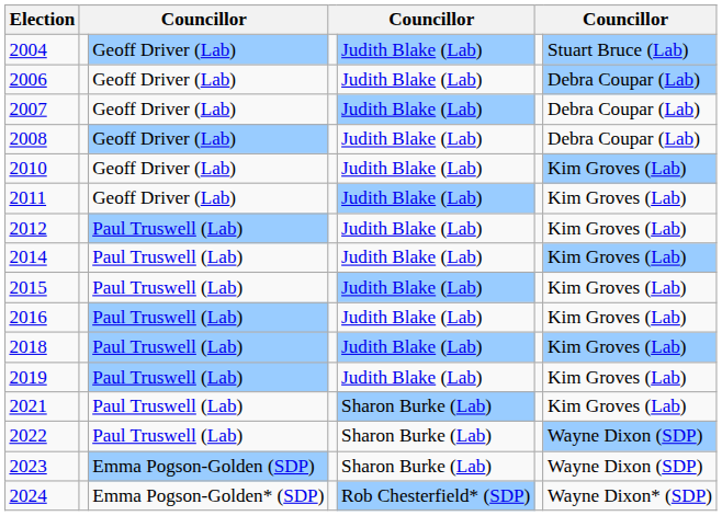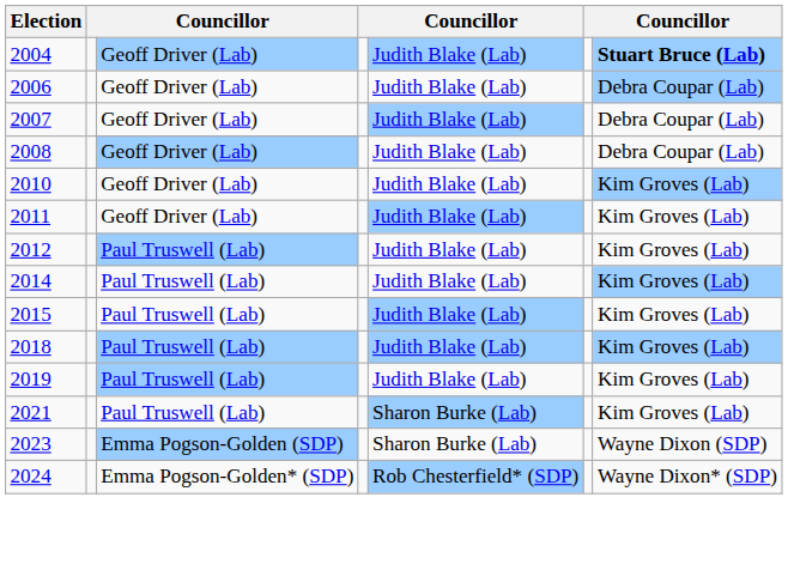 <table class="wikitable">
 <tr>
 <th>Election</th>
 <th colspan="2">Councillor</th>
 <th colspan="2">Councillor</th>
 <th colspan="2">Councillor</th>
 </tr>
 <tr>
 <td><a href='#'>2004</a></td>
 <td style="background-color: "></td>
 <td bgcolor="#99CCFF">Geoff Driver (<a href='#'>Lab</a>)</td>
 <td style="background-color: "></td>
 <td bgcolor="#99CCFF"><a href='#'>Judith Blake</a> (<a href='#'>Lab</a>)</td>
 <td style="background-color: "></td>
-<td bgcolor="#99CCFF">Stuart Bruce (<a href='#'>Lab</a>)</td>
+<td bgcolor="#99CCFF"><strong>Stuart Bruce (<a href='#'>Lab</a>)</strong></td>
 </tr>
 <tr>
 <td><a href='#'>2006</a></td>
 <td style="background-color: "></td>
 <td>Geoff Driver (<a href='#'>Lab</a>)</td>
 <td style="background-color: "></td>
 <td><a href='#'>Judith Blake</a> (<a href='#'>Lab</a>)</td>
 <td style="background-color: "></td>
 <td bgcolor="#99CCFF">Debra Coupar (<a href='#'>Lab</a>)</td>
 </tr>
 <tr>
 <td><a href='#'>2007</a></td>
 <td style="background-color: "></td>
 <td>Geoff Driver (<a href='#'>Lab</a>)</td>
 <td style="background-color: "></td>
 <td bgcolor="#99CCFF"><a href='#'>Judith Blake</a> (<a href='#'>Lab</a>)</td>
 <td style="background-color: "></td>
 <td>Debra Coupar (<a href='#'>Lab</a>)</td>
 </tr>
 <tr>
 <td><a href='#'>2008</a></td>
 <td style="background-color: "></td>
 <td bgcolor="#99CCFF">Geoff Driver (<a href='#'>Lab</a>)</td>
 <td style="background-color: "></td>
 <td><a href='#'>Judith Blake</a> (<a href='#'>Lab</a>)</td>
 <td style="background-color: "></td>
 <td>Debra Coupar (<a href='#'>Lab</a>)</td>
 </tr>
 <tr>
 <td><a href='#'>2010</a></td>
 <td style="background-color: "></td>
 <td>Geoff Driver (<a href='#'>Lab</a>)</td>
 <td style="background-color: "></td>
 <td><a href='#'>Judith Blake</a> (<a href='#'>Lab</a>)</td>
 <td style="background-color: "></td>
 <td bgcolor="#99CCFF">Kim Groves (<a href='#'>Lab</a>)</td>
 </tr>
 <tr>
 <td><a href='#'>2011</a></td>
 <td style="background-color: "></td>
 <td>Geoff Driver (<a href='#'>Lab</a>)</td>
 <td style="background-color: "></td>
 <td bgcolor="#99CCFF"><a href='#'>Judith Blake</a> (<a href='#'>Lab</a>)</td>
 <td style="background-color: "></td>
 <td>Kim Groves (<a href='#'>Lab</a>)</td>
 </tr>
 <tr>
 <td><a href='#'>2012</a></td>
 <td style="background-color: "></td>
 <td bgcolor="#99CCFF"><a href='#'>Paul Truswell</a> (<a href='#'>Lab</a>)<br></td>
 <td style="background-color: "></td>
 <td><a href='#'>Judith Blake</a> (<a href='#'>Lab</a>)</td>
 <td style="background-color: "></td>
 <td>Kim Groves (<a href='#'>Lab</a>)</td>
 </tr>
 <tr>
 <td><a href='#'>2014</a></td>
 <td style="background-color: "></td>
 <td><a href='#'>Paul Truswell</a> (<a href='#'>Lab</a>)</td>
 <td style="background-color: "></td>
 <td><a href='#'>Judith Blake</a> (<a href='#'>Lab</a>)</td>
 <td style="background-color: "></td>
 <td bgcolor="#99CCFF">Kim Groves (<a href='#'>Lab</a>)</td>
 </tr>
 <tr>
 <td><a href='#'>2015</a></td>
 <td style="background-color: "></td>
 <td><a href='#'>Paul Truswell</a> (<a href='#'>Lab</a>)</td>
 <td style="background-color: "></td>
 <td bgcolor="#99CCFF"><a href='#'>Judith Blake</a> (<a href='#'>Lab</a>)</td>
 <td style="background-color: "></td>
 <td>Kim Groves (<a href='#'>Lab</a>)</td>
 </tr>
 <tr>
-<td><a href='#'>2016</a></td>
-<td style="background-color: "></td>
-<td bgcolor="#99CCFF"><a href='#'>Paul Truswell</a> (<a href='#'>Lab</a>)</td>
-<td style="background-color: "></td>
-<td><a href='#'>Judith Blake</a> (<a href='#'>Lab</a>)</td>
-<td style="background-color: "></td>
-<td>Kim Groves (<a href='#'>Lab</a>)</td>
-</tr>
-<tr>
 <td><a href='#'>2018</a></td>
 <td style="background-color: "></td>
 <td bgcolor="#99CCFF"><a href='#'>Paul Truswell</a> (<a href='#'>Lab</a>)</td>
 <td style="background-color: "></td>
 <td bgcolor="#99CCFF"><a href='#'>Judith Blake</a>  (<a href='#'>Lab</a>)</td>
 <td style="background-color: "></td>
 <td bgcolor="#99CCFF">Kim Groves (<a href='#'>Lab</a>)</td>
 </tr>
 <tr>
 <td><a href='#'>2019</a></td>
 <td style="background-color: "></td>
 <td bgcolor="#99CCFF"><a href='#'>Paul Truswell</a> (<a href='#'>Lab</a>)</td>
 <td style="background-color: "></td>
 <td><a href='#'>Judith Blake</a>  (<a href='#'>Lab</a>)</td>
 <td style="background-color: "></td>
 <td>Kim Groves (<a href='#'>Lab</a>)</td>
 </tr>
 <tr>
 <td><a href='#'>2021</a></td>
 <td style="background-color: "></td>
 <td><a href='#'>Paul Truswell</a> (<a href='#'>Lab</a>)</td>
 <td style="background-color: "></td>
 <td bgcolor="#99CCFF">Sharon Burke (<a href='#'>Lab</a>)</td>
 <td style="background-color: "></td>
 <td>Kim Groves (<a href='#'>Lab</a>)</td>
 </tr>
 <tr>
-<td><a href='#'>2022</a></td>
-<td style="background-color: "></td>
-<td><a href='#'>Paul Truswell</a> (<a href='#'>Lab</a>)</td>
-<td style="background-color: "></td>
-<td>Sharon Burke (<a href='#'>Lab</a>)</td>
-<td style="background-color: "></td>
-<td bgcolor="#99CCFF">Wayne Dixon (<a href='#'>SDP</a>)</td>
-</tr>
-<tr>
 <td><a href='#'>2023</a></td>
 <td style="background-color: "></td>
 <td bgcolor="#99CCFF">Emma Pogson-Golden (<a href='#'>SDP</a>)</td>
 <td style="background-color: "></td>
 <td>Sharon Burke (<a href='#'>Lab</a>)</td>
 <td style="background-color: "></td>
 <td>Wayne Dixon (<a href='#'>SDP</a>)</td>
 </tr>
 <tr>
 <td><a href='#'>2024</a></td>
 <td style="background-color: "></td>
 <td>Emma Pogson-Golden* (<a href='#'>SDP</a>)</td>
 <td style="background-color: "></td>
 <td bgcolor="#99CCFF">Rob Chesterfield* (<a href='#'>SDP</a>)</td>
 <td style="background-color: "></td>
 <td>Wayne Dixon* (<a href='#'>SDP</a>)</td>
 </tr>
 </table>
